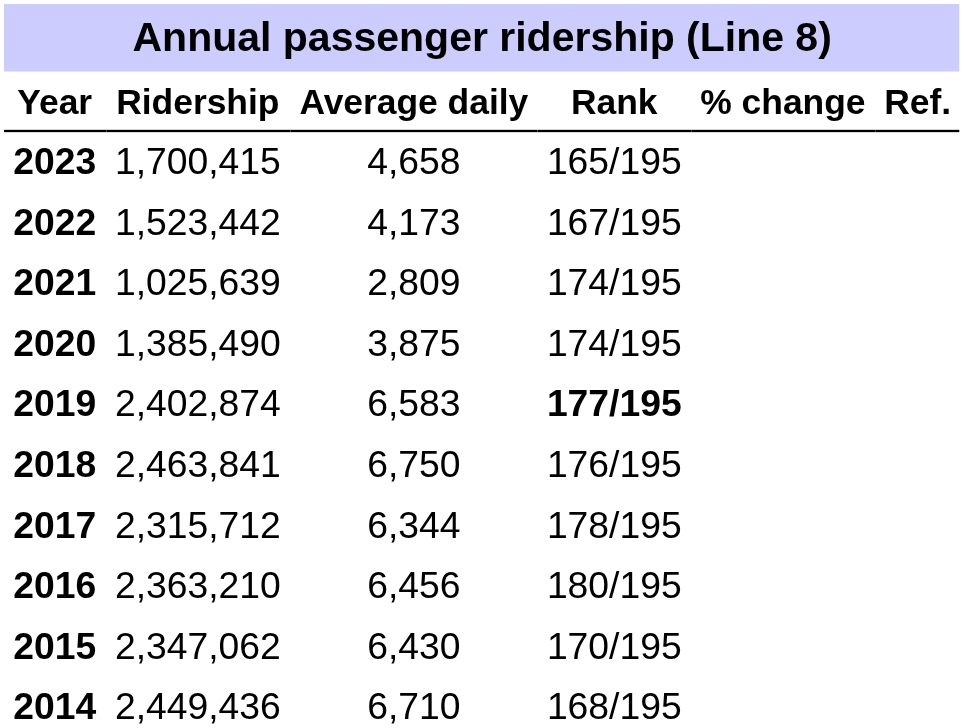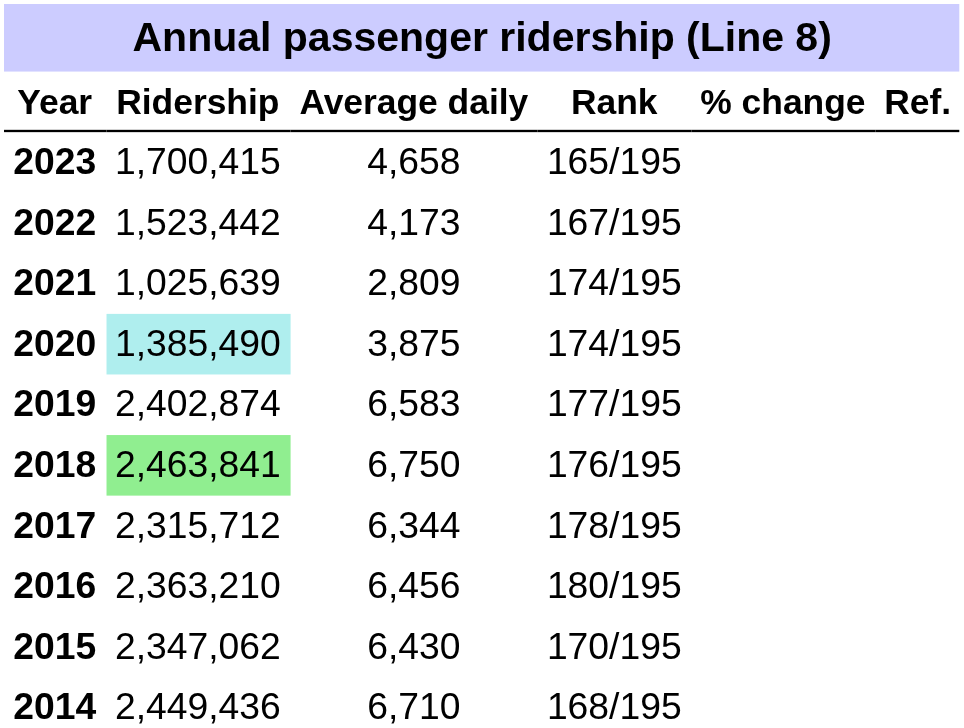 <table class="toccolours" cellpadding="4" cellspacing="0" style="text-align:right;">
 <tr>
 <th colspan="6"  style="background-color:#ccf; background-color:#ccf; font-size:110%; text-align:center;">Annual passenger ridership (Line 8)</th>
 </tr>
 <tr style="font-size:95%; text-align:center">
 <th style="border-bottom:1px solid black">Year</th>
 <th style="border-bottom:1px solid black">Ridership</th>
 <th style="border-bottom:1px solid black">Average daily</th>
 <th style="border-bottom:1px solid black">Rank</th>
 <th style="border-bottom:1px solid black">% change</th>
 <th style="border-bottom:1px solid black">Ref.</th>
 </tr>
 <tr style="text-align:center;">
 <td><strong>2023</strong></td>
 <td>1,700,415</td>
 <td>4,658</td>
 <td>165/195</td>
 <td></td>
 <td></td>
 </tr>
 <tr style="text-align:center;">
 <td><strong>2022</strong></td>
 <td>1,523,442</td>
 <td>4,173</td>
 <td>167/195</td>
 <td></td>
 <td></td>
 </tr>
 <tr style="text-align:center;">
 <td><strong>2021</strong></td>
 <td>1,025,639</td>
 <td>2,809</td>
 <td>174/195</td>
 <td></td>
 <td></td>
 </tr>
 <tr style="text-align:center;">
 <td><strong>2020</strong></td>
-<td>1,385,490</td>
+<td style="background: paleturquoise;">1,385,490</td>
 <td>3,875</td>
 <td>174/195</td>
 <td></td>
 <td></td>
 </tr>
 <tr style="text-align:center;">
 <td><strong>2019</strong></td>
 <td>2,402,874</td>
 <td>6,583</td>
-<td><strong>177/195</strong></td>
+<td>177/195</td>
 <td></td>
 <td></td>
 </tr>
 <tr style="text-align:center;">
 <td><strong>2018</strong></td>
-<td>2,463,841</td>
+<td style="background: lightgreen;">2,463,841</td>
 <td>6,750</td>
 <td>176/195</td>
 <td></td>
 <td></td>
 </tr>
 <tr style="text-align:center;">
 <td><strong>2017</strong></td>
 <td>2,315,712</td>
 <td>6,344</td>
 <td>178/195</td>
 <td></td>
 <td></td>
 </tr>
 <tr style="text-align:center;">
 <td><strong>2016</strong></td>
 <td>2,363,210</td>
 <td>6,456</td>
 <td>180/195</td>
 <td></td>
 <td></td>
 </tr>
 <tr style="text-align:center;">
 <td><strong>2015</strong></td>
 <td>2,347,062</td>
 <td>6,430</td>
 <td>170/195</td>
 <td></td>
 <td></td>
 </tr>
 <tr style="text-align:center;">
 <td><strong>2014</strong></td>
 <td>2,449,436</td>
 <td>6,710</td>
 <td>168/195</td>
 <td></td>
 <td></td>
 </tr>
 </table>
